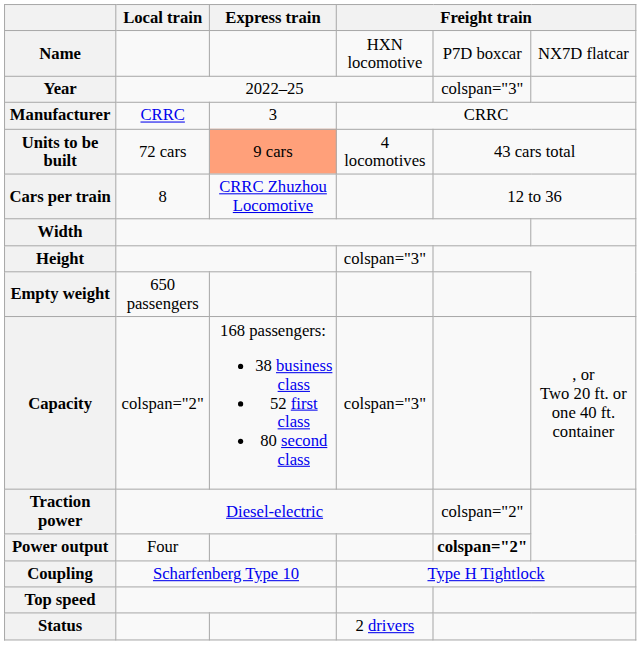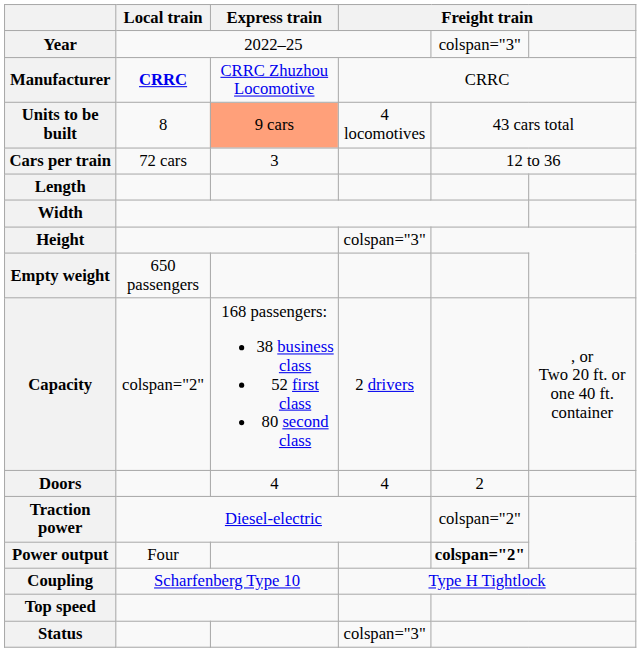 <table class="wikitable" style="text-align:center">
 <tr>
 <th></th>
 <th>Local train</th>
 <th>Express train</th>
 <th colspan="3">Freight train</th>
 </tr>
 <tr>
-<th>Name</th>
-<td></td>
-<td></td>
-<td>HXN locomotive</td>
-<td>P7D boxcar</td>
-<td>NX7D flatcar</td>
-</tr>
-<tr>
 <th>Year</th>
 <td colspan="3">2022–25</td>
 <td>colspan="3"</td>
 </tr>
 <tr>
 <th>Manufacturer</th>
-<td><a href='#'>CRRC</a></td>
-<td>3</td>
+<td><strong><a href='#'>CRRC</a></strong></td>
+<td><a href='#'>CRRC Zhuzhou Locomotive</a></td>
 <td colspan="3">CRRC</td>
 </tr>
 <tr>
 <th>Units to be built</th>
-<td>72 cars</td>
+<td>8</td>
 <td style="background: lightsalmon;">9 cars</td>
 <td>4 locomotives</td>
 <td colspan="2">43 cars total</td>
 </tr>
 <tr>
 <th>Cars per train</th>
-<td>8</td>
-<td><a href='#'>CRRC Zhuzhou Locomotive</a></td>
+<td>72 cars</td>
+<td>3</td>
 <td></td>
 <td colspan="2">12 to 36</td>
+</tr>
+<tr>
+<th>Length</th>
+<td></td>
+<td></td>
+<td></td>
+<td></td>
+<td></td>
 </tr>
 <tr>
 <th>Width</th>
 <td colspan="4"></td>
 <td></td>
 </tr>
 <tr>
 <th>Height</th>
 <td colspan="2"></td>
 <td>colspan="3"</td>
 </tr>
 <tr>
 <th>Empty weight</th>
 <td>650 passengers</td>
 <td></td>
 <td></td>
 <td></td>
 </tr>
 <tr>
 <th>Capacity</th>
 <td>colspan="2"</td>
 <td>168 passengers:<br><ul><li>38 <a href='#'>business class</a></li><li>52 <a href='#'>first class</a></li><li>80 <a href='#'>second class</a></li></ul></td>
-<td>colspan="3"</td>
+<td>2 <a href='#'>drivers</a></td>
 <td></td>
 <td>, or<br>Two 20 ft. or one 40 ft. container</td>
+</tr>
+<tr>
+<th>Doors</th>
+<td></td>
+<td>4</td>
+<td>4</td>
+<td>2</td>
+<td></td>
 </tr>
 <tr>
 <th>Traction power</th>
 <td colspan="3"><a href='#'>Diesel-electric</a></td>
 <td>colspan="2"</td>
 </tr>
 <tr>
 <th>Power output</th>
 <td>Four </td>
 <td></td>
 <td></td>
 <td><strong>colspan="2"</strong></td>
 </tr>
 <tr>
 <th>Coupling</th>
 <td colspan="2"><a href='#'>Scharfenberg Type 10</a></td>
 <td colspan="3"><a href='#'>Type H Tightlock</a></td>
 </tr>
 <tr>
 <th>Top speed</th>
 <td colspan="2"></td>
 <td></td>
 <td colspan="2"></td>
 </tr>
 <tr>
 <th>Status</th>
 <td></td>
 <td></td>
-<td>2 <a href='#'>drivers</a></td>
+<td>colspan="3"</td>
 </tr>
 </table>
